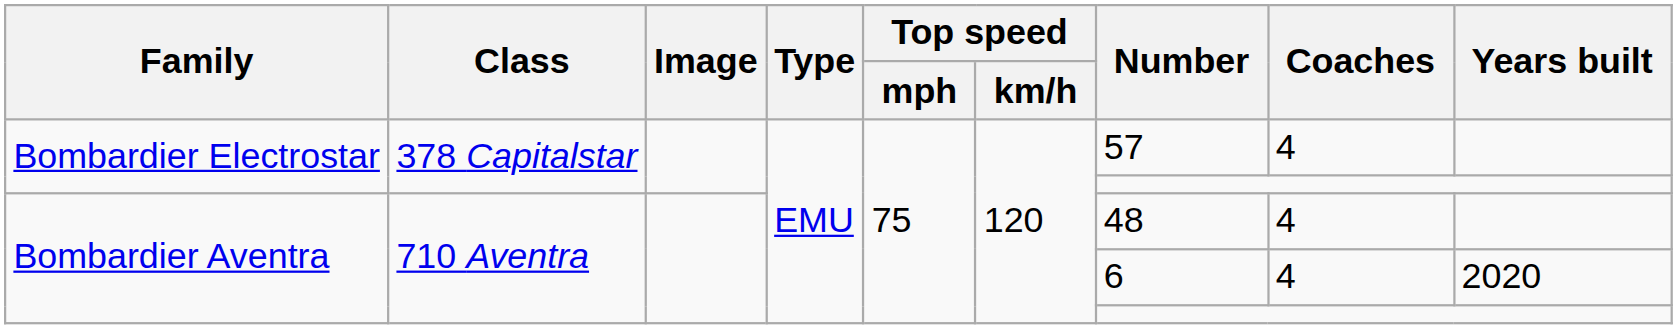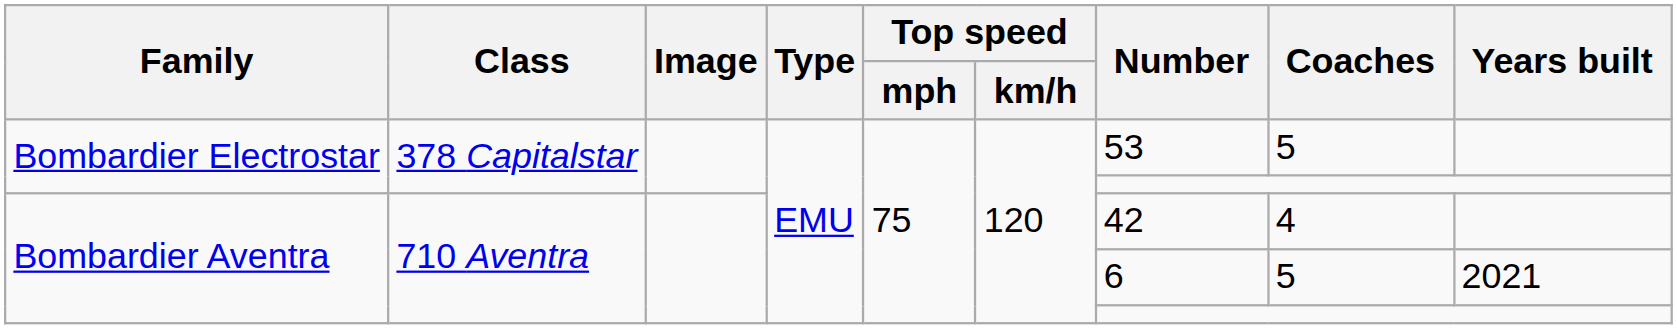 <table class="wikitable">
 <tr style="background:#f9f9f9;">
 <th rowspan="2">Family</th>
 <th rowspan="2"> Class</th>
 <th rowspan="2">Image</th>
 <th rowspan="2">Type</th>
 <th colspan="2"> Top speed </th>
 <th rowspan="2"> Number </th>
 <th rowspan="2"> Coaches </th>
 <th rowspan="2"> Years built </th>
 </tr>
 <tr style="background:#f9f9f9;">
 <th> mph </th>
 <th> km/h </th>
 </tr>
 <tr>
 <td rowspan="2"><a href='#'>Bombardier Electrostar</a></td>
 <td rowspan="2"><a href='#'>378 <em>Capitalstar</em></a></td>
 <td rowspan="2" class="noresize"></td>
 <td rowspan="5"><a href='#'>EMU</a></td>
 <td rowspan="5">75</td>
 <td rowspan="5">120</td>
-<td>57</td>
-<td>4</td>
+<td>53</td>
+<td>5</td>
 <td></td>
 </tr>
 <tr>
 <td colspan="3"></td>
 </tr>
 <tr>
 <td rowspan="3"><a href='#'>Bombardier Aventra</a></td>
 <td rowspan="3"><a href='#'>710 <em>Aventra</em></a></td>
 <td rowspan="3"></td>
-<td>48</td>
+<td>42</td>
 <td>4</td>
 <td></td>
 </tr>
 <tr>
 <td>6</td>
-<td>4</td>
-<td>2020</td>
+<td>5</td>
+<td>2021</td>
 </tr>
 <tr>
 <td colspan="3"> </td>
 </tr>
 </table>
